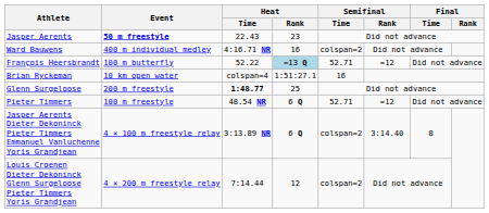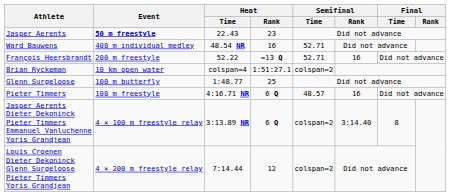 <table class=wikitable style="font-size:90%">
 <tr>
 <th rowspan="2">Athlete</th>
 <th rowspan="2">Event</th>
 <th colspan="2">Heat</th>
 <th colspan="2">Semifinal</th>
 <th colspan="2">Final</th>
 </tr>
 <tr style="font-size:95%">
 <th>Time</th>
 <th>Rank</th>
 <th>Time</th>
 <th>Rank</th>
 <th>Time</th>
 <th>Rank</th>
 </tr>
 <tr align=center>
 <td align=left><a href='#'>Jasper Aerents</a></td>
 <td align=left><strong><a href='#'>50 m freestyle</a></strong></td>
 <td>22.43</td>
 <td>23</td>
 <td colspan=4>Did not advance</td>
 </tr>
 <tr align=center>
 <td align=left><a href='#'>Ward Bauwens</a></td>
 <td align=left><a href='#'>400 m individual medley</a></td>
-<td>4:16.71 <strong><a href='#'>NR</a></strong></td>
+<td>48.54 <strong><a href='#'>NR</a></strong></td>
 <td>16</td>
-<td>colspan=2 </td>
+<td>52.71</td>
 <td colspan=2>Did not advance</td>
 </tr>
 <tr align=center>
 <td align=left><a href='#'>François Heersbrandt</a></td>
-<td align=left><a href='#'>100 m butterfly</a></td>
+<td align=left><a href='#'>200 m freestyle</a></td>
 <td>52.22</td>
-<td style="background: lightblue;">=13 <strong>Q</strong></td>
+<td>=13 <strong>Q</strong></td>
 <td>52.71</td>
-<td>=12</td>
+<td>16</td>
 <td colspan=2>Did not advance</td>
 </tr>
 <tr align=center>
 <td align=left><a href='#'>Brian Ryckeman</a></td>
 <td align=left><a href='#'>10 km open water</a></td>
 <td>colspan=4 </td>
 <td>1:51:27.1</td>
-<td>16</td>
+<td>colspan=2 </td>
 </tr>
 <tr align=center>
 <td align=left><a href='#'>Glenn Surgeloose</a></td>
-<td align=left><a href='#'>200 m freestyle</a></td>
-<td><strong>1:48.77</strong></td>
+<td align=left><a href='#'>100 m butterfly</a></td>
+<td>1:48.77</td>
 <td>25</td>
 <td colspan=4>Did not advance</td>
 </tr>
 <tr align=center>
 <td align=left><a href='#'>Pieter Timmers</a></td>
 <td align=left><a href='#'>100 m freestyle</a></td>
-<td>48.54 <strong><a href='#'>NR</a></strong></td>
+<td>4:16.71 <strong><a href='#'>NR</a></strong></td>
 <td>6 <strong>Q</strong></td>
-<td>52.71</td>
-<td>=12</td>
+<td>48.57</td>
+<td>16</td>
 <td colspan=2>Did not advance</td>
 </tr>
 <tr align=center>
 <td align=left><a href='#'>Jasper Aerents</a><br><a href='#'>Dieter Dekoninck</a><br><a href='#'>Pieter Timmers</a><br><a href='#'>Emmanuel Vanluchenne</a><br><a href='#'>Yoris Grandjean</a></td>
 <td align=left><a href='#'>4 × 100 m freestyle relay</a></td>
 <td>3:13.89 <strong><a href='#'>NR</a></strong></td>
 <td>6 <strong>Q</strong></td>
 <td>colspan=2 </td>
 <td>3:14.40</td>
 <td>8</td>
 </tr>
 <tr align=center>
 <td align=left><a href='#'>Louis Croenen</a><br><a href='#'>Dieter Dekoninck</a><br><a href='#'>Glenn Surgeloose</a><br><a href='#'>Pieter Timmers</a><br><a href='#'>Yoris Grandjean</a></td>
 <td align=left><a href='#'>4 × 200 m freestyle relay</a></td>
 <td>7:14.44</td>
 <td>12</td>
 <td>colspan=2 </td>
 <td colspan=2>Did not advance</td>
 </tr>
 </table>
